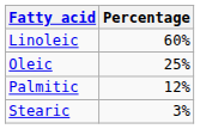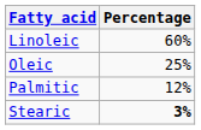 <table class="wikitable">
 <tr>
 <th><a href='#'>Fatty acid</a></th>
 <th>Percentage</th>
 </tr>
 <tr>
 <td><a href='#'>Linoleic</a></td>
 <td align="right">60%</td>
 </tr>
 <tr>
 <td><a href='#'>Oleic</a></td>
 <td align="right">25%</td>
 </tr>
 <tr>
 <td><a href='#'>Palmitic</a></td>
 <td align="right">12%</td>
 </tr>
 <tr>
 <td><a href='#'>Stearic</a></td>
-<td align="right">3%</td>
+<td align="right"><strong>3%</strong></td>
 </tr>
 </table>
